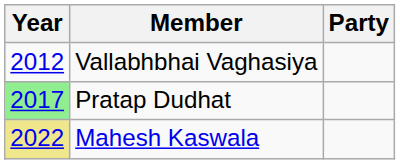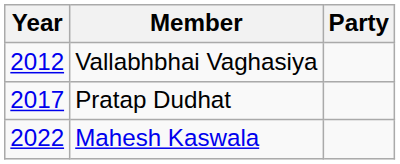 <table class="wikitable sortable">
 <tr>
 <th>Year</th>
 <th>Member</th>
 <th colspan="2">Party</th>
 </tr>
 <tr>
 <td><a href='#'>2012</a></td>
 <td>Vallabhbhai Vaghasiya</td>
 <td></td>
 </tr>
 <tr>
-<td style="background: lightgreen;"><a href='#'>2017</a></td>
+<td><a href='#'>2017</a></td>
 <td>Pratap Dudhat</td>
 <td></td>
 </tr>
 <tr>
-<td style="background: khaki;"><a href='#'>2022</a></td>
+<td><a href='#'>2022</a></td>
 <td><a href='#'>Mahesh Kaswala</a></td>
 <td></td>
 </tr>
 </table>
